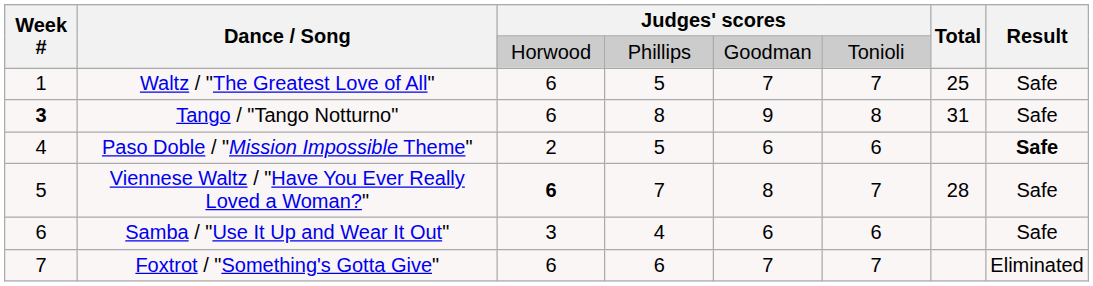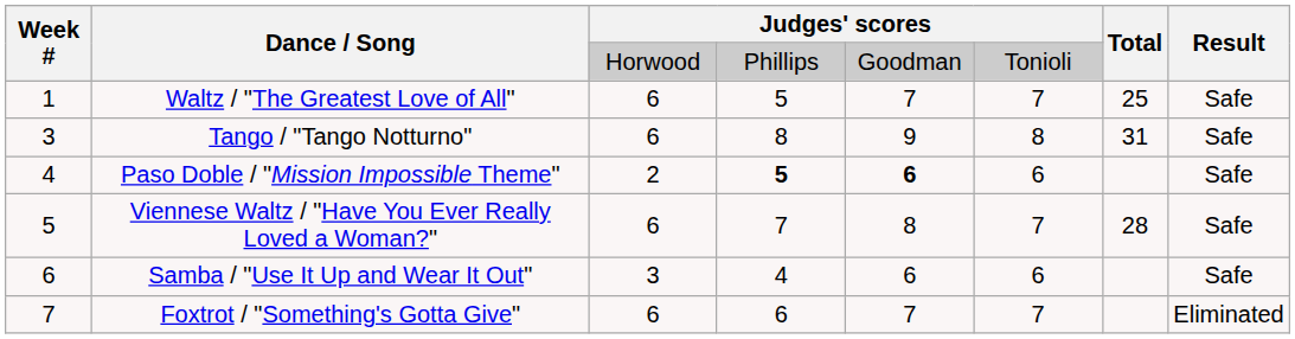 <table class="wikitable collapsible collapsed">
 <tr style="text-align:Center; background:#ccc;">
 <th rowspan="2">Week #</th>
 <th rowspan="2">Dance / Song</th>
 <th colspan="4">Judges' scores</th>
 <th rowspan="2">Total</th>
 <th rowspan="2">Result</th>
 </tr>
 <tr style="text-align:center; background:#ccc;">
 <td style="width:10%; ">Horwood</td>
 <td style="width:10%; ">Phillips</td>
 <td style="width:10%; ">Goodman</td>
 <td style="width:10%; ">Tonioli</td>
 </tr>
 <tr style="text-align: center; background:#faf6f6;">
 <td>1</td>
 <td><a href='#'>Waltz</a> / "<a href='#'>The Greatest Love of All</a>"</td>
 <td>6</td>
 <td>5</td>
 <td>7</td>
 <td>7</td>
 <td>25</td>
 <td>Safe</td>
 </tr>
 <tr>
-<td style="text-align:center; background:#faf6f6;"><strong>3</strong></td>
+<td style="text-align:center; background:#faf6f6;">3</td>
 <td style="text-align:center; background:#faf6f6;"><a href='#'>Tango</a> / "Tango Notturno"</td>
 <td style="text-align:center; background:#faf6f6;">6</td>
 <td style="text-align:center; background:#faf6f6;">8</td>
 <td style="text-align:center; background:#faf6f6;">9</td>
 <td style="text-align:center; background:#faf6f6;">8</td>
 <td style="text-align:center; background:#faf6f6;">31</td>
 <td style="text-align:center; background:#faf6f6;">Safe</td>
 </tr>
 <tr style="text-align:center; background:#faf6f6;">
 <td>4</td>
 <td><a href='#'>Paso Doble</a> / "<a href='#'><em>Mission Impossible</em> Theme</a>"</td>
 <td>2</td>
-<td>5</td>
-<td>6</td>
+<td><strong>5</strong></td>
+<td><strong>6</strong></td>
 <td>6</td>
 <td></td>
-<td><strong>Safe</strong></td>
+<td>Safe</td>
 </tr>
 <tr style="text-align:center; background:#faf6f6;">
 <td>5</td>
 <td><a href='#'>Viennese Waltz</a> / "<a href='#'>Have You Ever Really Loved a Woman?</a>"</td>
-<td><strong>6</strong></td>
+<td>6</td>
 <td>7</td>
 <td>8</td>
 <td>7</td>
 <td>28</td>
 <td>Safe</td>
 </tr>
 <tr style="text-align:center; background:#faf6f6;">
 <td>6</td>
 <td><a href='#'>Samba</a> / "<a href='#'>Use It Up and Wear It Out</a>"</td>
 <td>3</td>
 <td>4</td>
 <td>6</td>
 <td>6</td>
 <td></td>
 <td>Safe</td>
 </tr>
 <tr style="text-align:center; background:#faf6f6;">
 <td>7</td>
 <td><a href='#'>Foxtrot</a> / "<a href='#'>Something's Gotta Give</a>"</td>
 <td>6</td>
 <td>6</td>
 <td>7</td>
 <td>7</td>
 <td></td>
 <td>Eliminated</td>
 </tr>
 </table>
